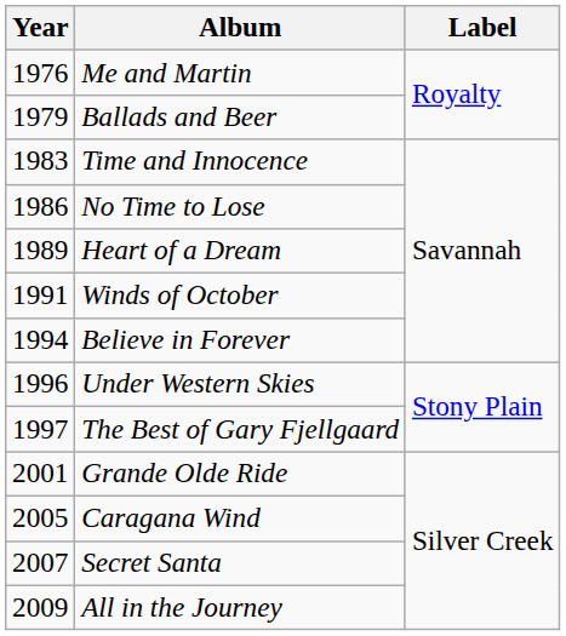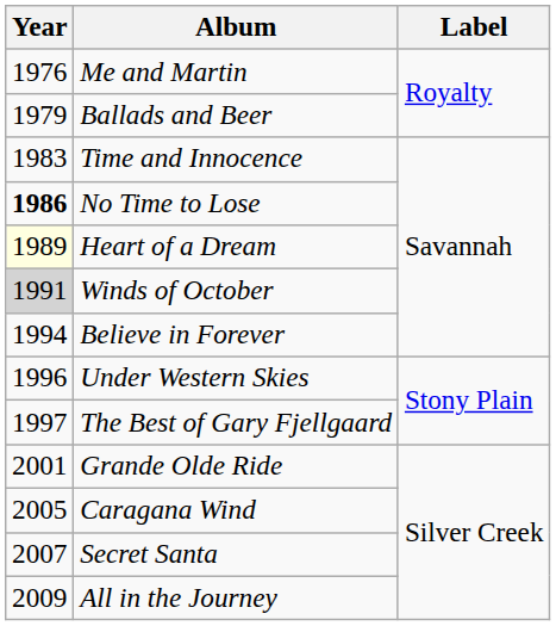 <table class="wikitable">
 <tr>
 <th>Year</th>
 <th>Album</th>
 <th>Label</th>
 </tr>
 <tr>
 <td>1976</td>
 <td><em>Me and Martin</em></td>
 <td rowspan="2"><a href='#'>Royalty</a></td>
 </tr>
 <tr>
 <td>1979</td>
 <td><em>Ballads and Beer</em></td>
 </tr>
 <tr>
 <td>1983</td>
 <td><em>Time and Innocence</em></td>
 <td rowspan="5">Savannah</td>
 </tr>
 <tr>
-<td>1986</td>
+<td><strong>1986</strong></td>
 <td><em>No Time to Lose</em></td>
 </tr>
 <tr>
-<td>1989</td>
+<td style="background: lightyellow;">1989</td>
 <td><em>Heart of a Dream</em></td>
 </tr>
 <tr>
-<td>1991</td>
+<td style="background: lightgrey;">1991</td>
 <td><em>Winds of October</em></td>
 </tr>
 <tr>
 <td>1994</td>
 <td><em>Believe in Forever</em></td>
 </tr>
 <tr>
 <td>1996</td>
 <td><em>Under Western Skies</em></td>
 <td rowspan="2"><a href='#'>Stony Plain</a></td>
 </tr>
 <tr>
 <td>1997</td>
 <td><em>The Best of Gary Fjellgaard</em></td>
 </tr>
 <tr>
 <td>2001</td>
 <td><em>Grande Olde Ride</em></td>
 <td rowspan="4">Silver Creek</td>
 </tr>
 <tr>
 <td>2005</td>
 <td><em>Caragana Wind</em></td>
 </tr>
 <tr>
 <td>2007</td>
 <td><em>Secret Santa</em></td>
 </tr>
 <tr>
 <td>2009</td>
 <td><em>All in the Journey</em></td>
 </tr>
 </table>
